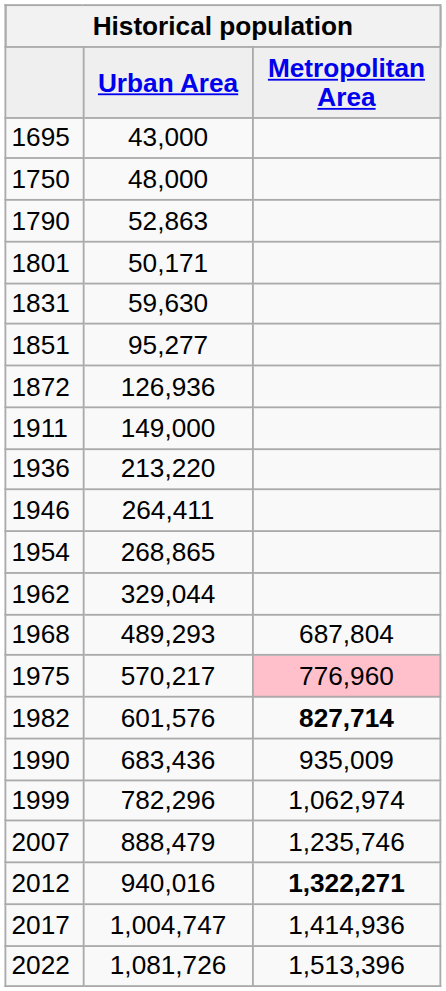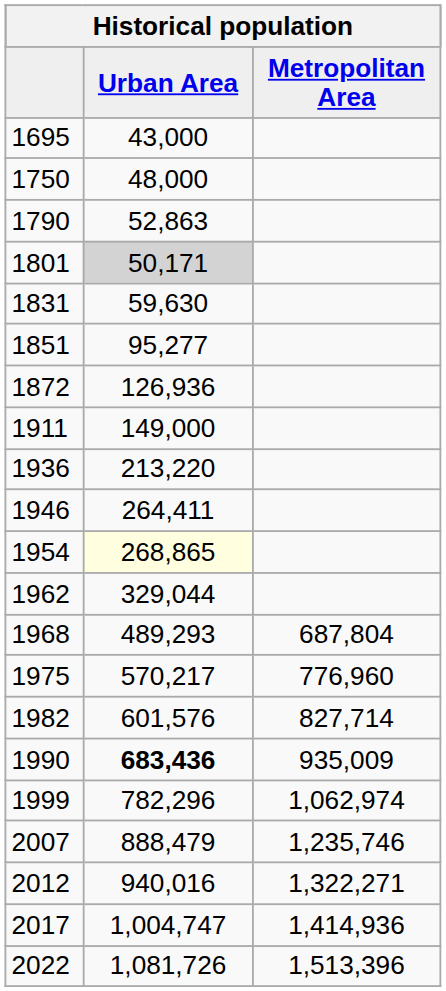 <table class="wikitable" style="float:right; width:240px; font-size:90%; margin-right:10px; margin:10px">
 <tr style="background:#020;">
 <th colspan="5">Historical population</th>
 </tr>
 <tr style="background:#efefef;">
 <td></td>
 <td style="text-align:center;"><strong><a href='#'>Urban Area</a></strong></td>
 <td style="text-align:center;"><strong><a href='#'>Metropolitan<br>Area</a></strong></td>
 </tr>
 <tr>
 <td>1695</td>
 <td align=center>43,000</td>
 <td></td>
 </tr>
 <tr>
 <td>1750</td>
 <td align=center>48,000</td>
 <td></td>
 </tr>
 <tr>
 <td>1790</td>
 <td align=center>52,863</td>
 <td></td>
 </tr>
 <tr>
 <td>1801</td>
-<td align=center>50,171</td>
+<td align=center style="background: lightgrey;">50,171</td>
 <td></td>
 </tr>
 <tr>
 <td>1831</td>
 <td align=center>59,630</td>
 <td></td>
 </tr>
 <tr>
 <td>1851</td>
 <td align=center>95,277</td>
 <td></td>
 </tr>
 <tr>
 <td>1872</td>
 <td align=center>126,936</td>
 <td></td>
 </tr>
 <tr>
 <td>1911</td>
 <td align=center>149,000</td>
 <td></td>
 </tr>
 <tr>
 <td>1936</td>
 <td align=center>213,220</td>
 <td></td>
 </tr>
 <tr>
 <td>1946</td>
 <td align=center>264,411</td>
 <td></td>
 </tr>
 <tr>
 <td>1954</td>
-<td align=center>268,865</td>
+<td align=center style="background: lightyellow;">268,865</td>
 <td></td>
 </tr>
 <tr>
 <td>1962</td>
 <td align=center>329,044</td>
 <td></td>
 </tr>
 <tr>
 <td>1968</td>
 <td align=center>489,293</td>
 <td align=center>687,804</td>
 </tr>
 <tr>
 <td>1975</td>
 <td align=center>570,217</td>
-<td align=center style="background: pink;">776,960</td>
+<td align=center>776,960</td>
 </tr>
 <tr>
 <td>1982</td>
 <td align=center>601,576</td>
-<td align=center><strong>827,714</strong></td>
+<td align=center>827,714</td>
 </tr>
 <tr>
 <td>1990</td>
-<td align=center>683,436</td>
+<td align=center><strong>683,436</strong></td>
 <td align=center>935,009</td>
 </tr>
 <tr>
 <td>1999</td>
 <td align=center>782,296</td>
 <td align=center>1,062,974</td>
 </tr>
 <tr>
 <td>2007</td>
 <td align=center>888,479</td>
 <td align=center>1,235,746</td>
 </tr>
 <tr>
 <td>2012</td>
 <td align=center>940,016</td>
-<td align=center><strong>1,322,271</strong></td>
+<td align=center>1,322,271</td>
 </tr>
 <tr>
 <td>2017</td>
 <td align=center>1,004,747</td>
 <td align=center>1,414,936</td>
 </tr>
 <tr>
 <td>2022</td>
 <td align="center">1,081,726</td>
 <td align="center">1,513,396</td>
 </tr>
 </table>
